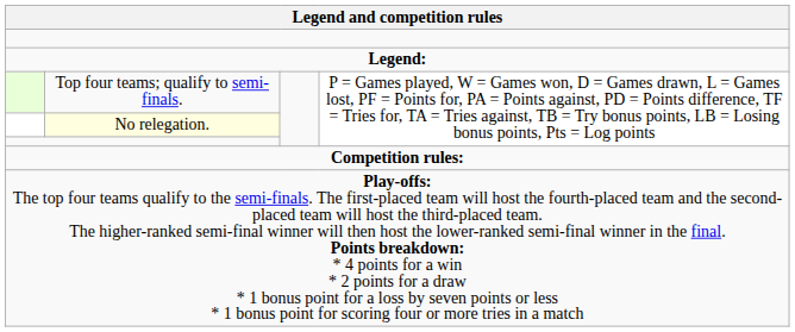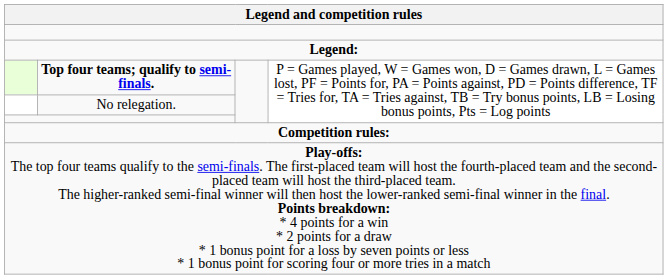 <table class="wikitable collapsible collapsed" style="text-align:center; line-height:100%; font-size:100%; width:60%;">
 <tr>
 <th colspan="4" style="border:0px">Legend and competition rules</th>
 </tr>
 <tr>
 <td colspan="4" style="height:10px"></td>
 </tr>
 <tr>
 <td colspan="4" style="border:0px"><strong>Legend:</strong></td>
 </tr>
 <tr>
 <td style="height:10px; width:5%; background:#E8FFD8;"></td>
-<td style="width:30%;">Top four teams; qualify to <a href='#'>semi-finals</a>.</td>
+<td style="width:30%;"><strong>Top four teams; qualify to <a href='#'>semi-finals</a>.</strong></td>
 <td rowspan="3" style="width:5%;"></td>
 <td rowspan="3" style="width:60%; background:#FFFFFF;">P = Games played, W = Games won, D = Games drawn, L = Games lost, PF = Points for, PA = Points against, PD = Points difference, TF = Tries for, TA = Tries against, TB = Try bonus points, LB = Losing bonus points, Pts = Log points</td>
 </tr>
 <tr>
 <td style="height:10px; width:5%; background:#FFFFFF;"></td>
-<td style="background: lightyellow;">No relegation.</td>
+<td>No relegation.</td>
 </tr>
 <tr>
 <td colspan="2"></td>
 </tr>
 <tr>
 <td colspan="4" style="border:0px"><strong>Competition rules:</strong></td>
 </tr>
 <tr>
 <td colspan="4"><strong>Play-offs:</strong><br>The top four teams qualify to the <a href='#'>semi-finals</a>. The first-placed team will host the fourth-placed team and the second-placed team will host the third-placed team.<br>The higher-ranked semi-final winner will then host the lower-ranked semi-final winner in the <a href='#'>final</a>.<br><strong>Points breakdown:</strong><br>* 4 points for a win<br>* 2 points for a draw<br>* 1 bonus point for a loss by seven points or less<br>* 1 bonus point for scoring four or more tries in a match</td>
 </tr>
 </table>
